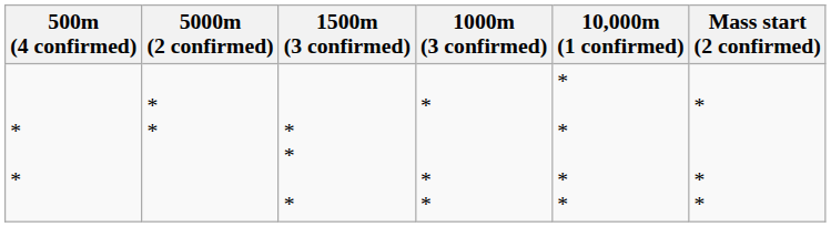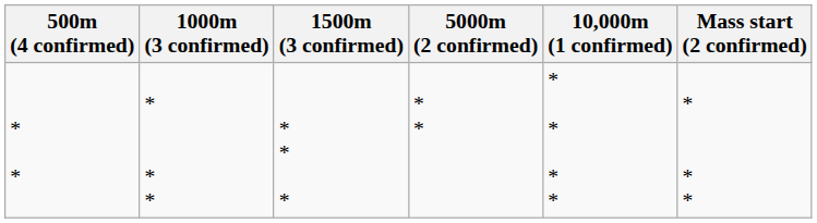 <table class="wikitable">
 <tr>
 <th>500m<br>(4 confirmed)</th>
+<th>1000m<br>(3 confirmed)</th>
+<th>1500m<br>(3 confirmed)</th>
 <th>5000m<br>(2 confirmed)</th>
-<th>1500m<br>(3 confirmed)</th>
-<th>1000m<br>(3 confirmed)</th>
 <th>10,000m<br>(1 confirmed)</th>
 <th>Mass start<br>(2 confirmed)</th>
 </tr>
 <tr>
 <td valign="top"><strong></strong><br><strong></strong><br><strong></strong> *<br><s></s><br><s></s> *<br><strong></strong></td>
+<td valign="top"><strong></strong><br><s></s> *<br><br><br><strong></strong> *<br><strong></strong> *</td>
+<td valign="top"><br><br><strong></strong> *<br><strong></strong> *<br><br><strong></strong> *</td>
 <td valign="top"><br><strong></strong> *<br><strong></strong> *<br><br><br></td>
-<td valign="top"><br><br><strong></strong> *<br><strong></strong> *<br><br><strong></strong> *</td>
-<td valign="top"><strong></strong><br><s></s> *<br><br><br><strong></strong> *<br><strong></strong> *</td>
 <td valign="top"><strong></strong> *<br><s></s><br> *<br><br> *<br> *</td>
 <td valign="top"><br><strong></strong> *<br><br><br><strong></strong> *<br> *</td>
 </tr>
 </table>
